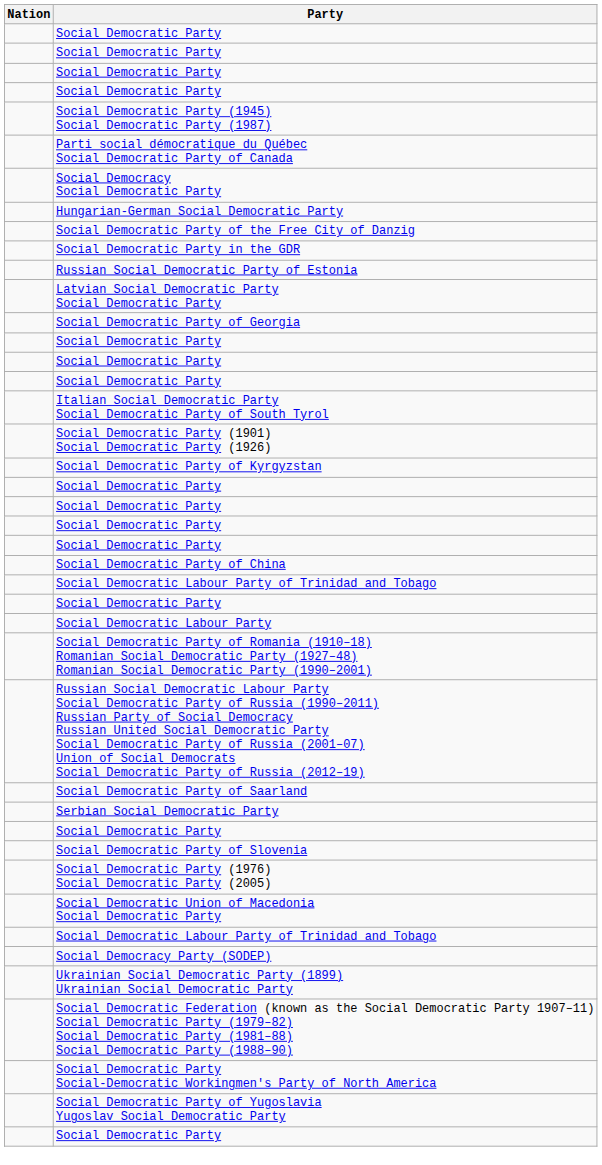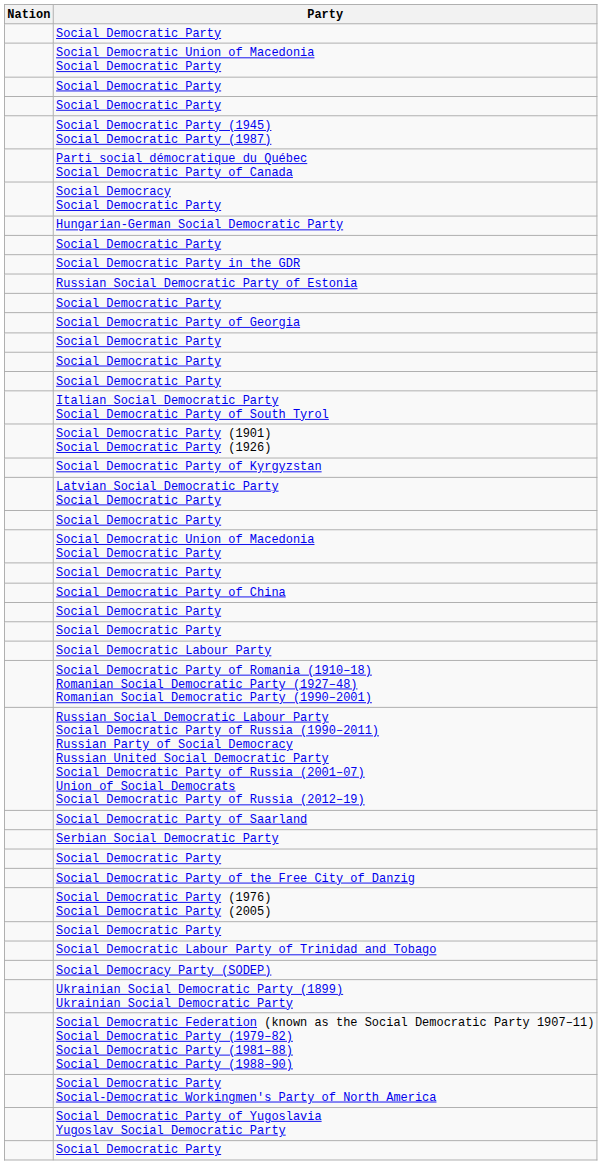 <table class="wikitable sortable">
 <tr>
 <th>Nation</th>
 <th>Party</th>
 </tr>
 <tr>
 <td></td>
 <td><a href='#'>Social Democratic Party</a></td>
 </tr>
 <tr>
 <td></td>
-<td><a href='#'>Social Democratic Party</a></td>
+<td><a href='#'>Social Democratic Union of Macedonia</a><br><a href='#'>Social Democratic Party</a></td>
 </tr>
 <tr>
 <td></td>
 <td><a href='#'>Social Democratic Party</a></td>
 </tr>
 <tr>
 <td></td>
 <td><a href='#'>Social Democratic Party</a></td>
 </tr>
 <tr>
 <td></td>
 <td><a href='#'>Social Democratic Party (1945)</a><br><a href='#'>Social Democratic Party (1987)</a></td>
 </tr>
 <tr>
 <td></td>
 <td><a href='#'>Parti social démocratique du Québec</a><br><a href='#'>Social Democratic Party of Canada</a></td>
 </tr>
 <tr>
 <td></td>
 <td><a href='#'>Social Democracy</a><br><a href='#'>Social Democratic Party</a></td>
 </tr>
 <tr>
 <td></td>
 <td><a href='#'>Hungarian-German Social Democratic Party</a></td>
 </tr>
 <tr>
 <td></td>
-<td><a href='#'>Social Democratic Party of the Free City of Danzig</a></td>
+<td><a href='#'>Social Democratic Party</a></td>
 </tr>
 <tr>
 <td></td>
 <td><a href='#'>Social Democratic Party in the GDR</a></td>
 </tr>
 <tr>
 <td></td>
 <td><a href='#'>Russian Social Democratic Party of Estonia</a></td>
 </tr>
 <tr>
 <td></td>
-<td><a href='#'>Latvian Social Democratic Party</a><br><a href='#'>Social Democratic Party</a></td>
+<td><a href='#'>Social Democratic Party</a></td>
 </tr>
 <tr>
 <td></td>
 <td><a href='#'>Social Democratic Party of Georgia</a></td>
 </tr>
 <tr>
 <td></td>
 <td><a href='#'>Social Democratic Party</a></td>
 </tr>
 <tr>
 <td></td>
 <td><a href='#'>Social Democratic Party</a></td>
 </tr>
 <tr>
 <td></td>
 <td><a href='#'>Social Democratic Party</a></td>
 </tr>
 <tr>
 <td></td>
 <td><a href='#'>Italian Social Democratic Party</a><br><a href='#'>Social Democratic Party of South Tyrol</a></td>
 </tr>
 <tr>
 <td></td>
 <td><a href='#'>Social Democratic Party</a> (1901)<br><a href='#'>Social Democratic Party</a> (1926)</td>
 </tr>
 <tr>
 <td></td>
 <td><a href='#'>Social Democratic Party of Kyrgyzstan</a></td>
 </tr>
 <tr>
 <td></td>
-<td><a href='#'>Social Democratic Party</a></td>
+<td><a href='#'>Latvian Social Democratic Party</a><br><a href='#'>Social Democratic Party</a></td>
 </tr>
 <tr>
 <td></td>
 <td><a href='#'>Social Democratic Party</a></td>
 </tr>
 <tr>
 <td></td>
-<td><a href='#'>Social Democratic Party</a></td>
+<td><a href='#'>Social Democratic Union of Macedonia</a><br><a href='#'>Social Democratic Party</a></td>
 </tr>
 <tr>
 <td></td>
 <td><a href='#'>Social Democratic Party</a></td>
 </tr>
 <tr>
 <td></td>
 <td><a href='#'>Social Democratic Party of China</a></td>
 </tr>
 <tr>
 <td></td>
-<td><a href='#'>Social Democratic Labour Party of Trinidad and Tobago</a></td>
+<td><a href='#'>Social Democratic Party</a></td>
 </tr>
 <tr>
 <td></td>
 <td><a href='#'>Social Democratic Party</a></td>
 </tr>
 <tr>
 <td></td>
 <td><a href='#'>Social Democratic Labour Party</a></td>
 </tr>
 <tr>
 <td></td>
 <td><a href='#'>Social Democratic Party of Romania (1910–18)</a><br><a href='#'>Romanian Social Democratic Party (1927–48)</a><br><a href='#'>Romanian Social Democratic Party (1990–2001)</a></td>
 </tr>
 <tr>
 <td></td>
 <td><a href='#'>Russian Social Democratic Labour Party</a><br><a href='#'>Social Democratic Party of Russia (1990–2011)</a><br><a href='#'>Russian Party of Social Democracy</a><br><a href='#'>Russian United Social Democratic Party</a><br><a href='#'>Social Democratic Party of Russia (2001–07)</a><br><a href='#'>Union of Social Democrats</a><br><a href='#'>Social Democratic Party of Russia (2012–19)</a></td>
 </tr>
 <tr>
 <td></td>
 <td><a href='#'>Social Democratic Party of Saarland</a></td>
 </tr>
 <tr>
 <td></td>
 <td><a href='#'>Serbian Social Democratic Party</a></td>
 </tr>
 <tr>
 <td></td>
 <td><a href='#'>Social Democratic Party</a></td>
 </tr>
 <tr>
 <td></td>
-<td><a href='#'>Social Democratic Party of Slovenia</a></td>
+<td><a href='#'>Social Democratic Party of the Free City of Danzig</a></td>
 </tr>
 <tr>
 <td></td>
 <td><a href='#'>Social Democratic Party</a> (1976)<br><a href='#'>Social Democratic Party</a> (2005)</td>
 </tr>
 <tr>
 <td></td>
-<td><a href='#'>Social Democratic Union of Macedonia</a><br><a href='#'>Social Democratic Party</a></td>
+<td><a href='#'>Social Democratic Party</a></td>
 </tr>
 <tr>
 <td></td>
 <td><a href='#'>Social Democratic Labour Party of Trinidad and Tobago</a></td>
 </tr>
 <tr>
 <td></td>
 <td><a href='#'>Social Democracy Party (SODEP)</a></td>
 </tr>
 <tr>
 <td></td>
 <td><a href='#'>Ukrainian Social Democratic Party (1899)</a><br><a href='#'>Ukrainian Social Democratic Party</a></td>
 </tr>
 <tr>
 <td></td>
 <td><a href='#'>Social Democratic Federation</a> (known as the Social Democratic Party 1907–11)<br><a href='#'>Social Democratic Party (1979–82)</a><br><a href='#'>Social Democratic Party (1981–88)</a><br><a href='#'>Social Democratic Party (1988–90)</a></td>
 </tr>
 <tr>
 <td></td>
 <td><a href='#'>Social Democratic Party</a><br><a href='#'>Social-Democratic Workingmen's Party of North America</a></td>
 </tr>
 <tr>
 <td></td>
 <td><a href='#'>Social Democratic Party of Yugoslavia</a><br><a href='#'>Yugoslav Social Democratic Party</a></td>
 </tr>
 <tr>
 <td></td>
 <td><a href='#'>Social Democratic Party</a></td>
 </tr>
 </table>
